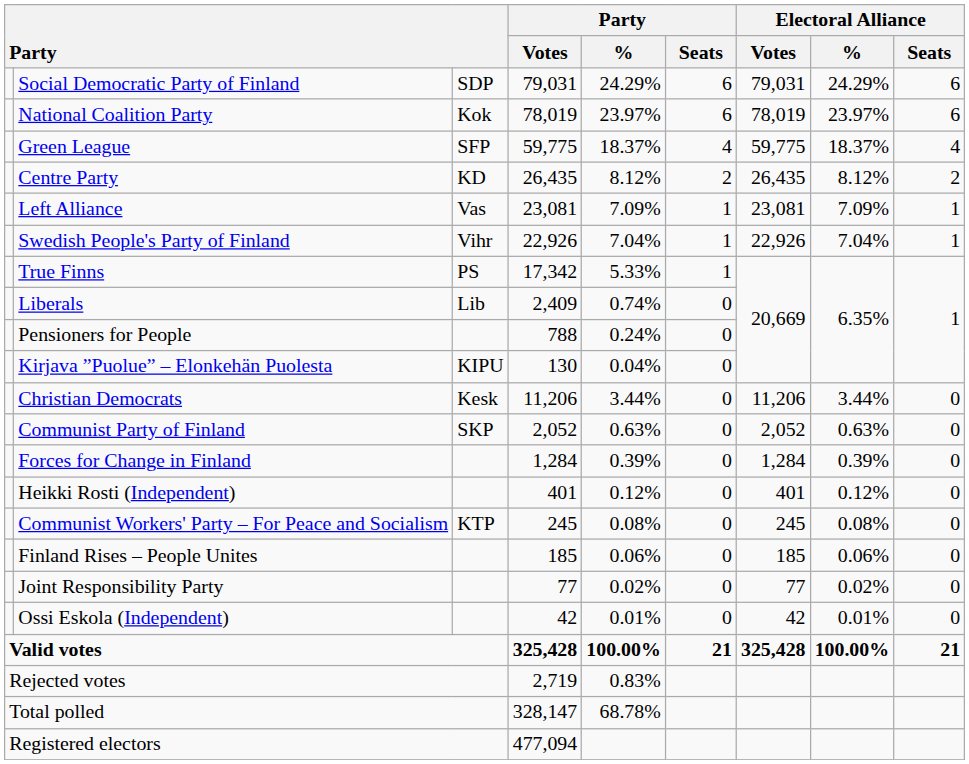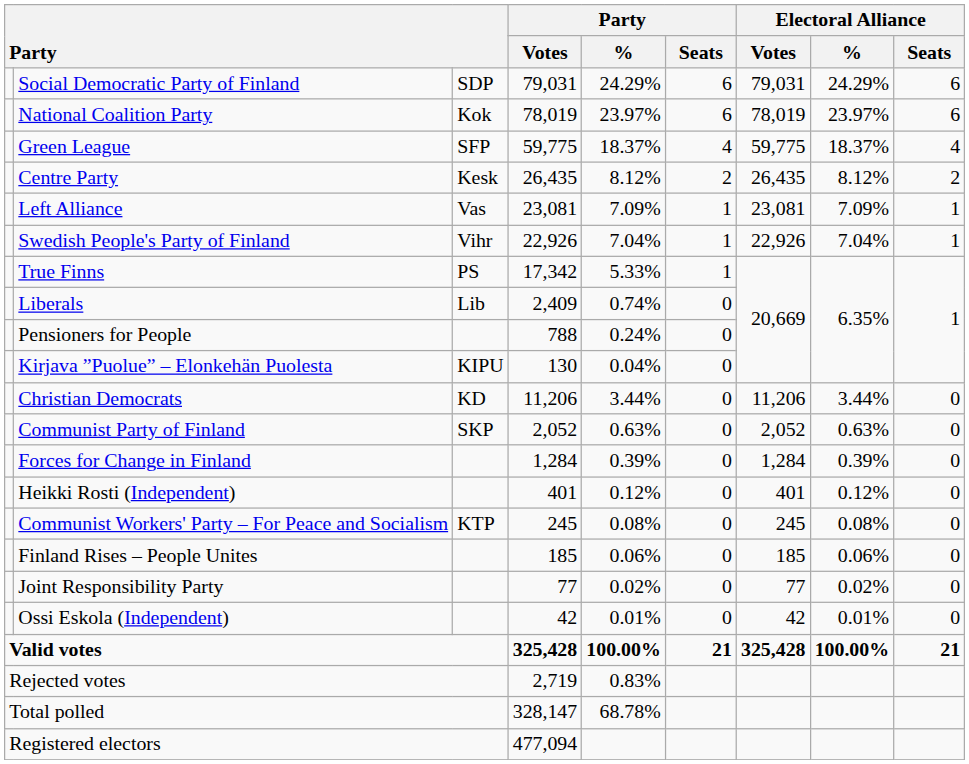 <table class="wikitable" border="1" style="text-align:right;">
 <tr>
 <th style="text-align:left;" valign=bottom rowspan=2 colspan=3>Party</th>
 <th colspan=3>Party</th>
 <th colspan=3>Electoral Alliance</th>
 </tr>
 <tr>
 <th align=center valign=bottom width="50">Votes</th>
 <th align=center valign=bottom width="50">%</th>
 <th align=center valign=bottom width="50">Seats</th>
 <th align=center valign=bottom width="50">Votes</th>
 <th align=center valign=bottom width="50">%</th>
 <th align=center valign=bottom width="50">Seats</th>
 </tr>
 <tr>
 <td></td>
 <td align=left style="white-space: nowrap;"><a href='#'>Social Democratic Party of Finland</a></td>
 <td align=left>SDP</td>
 <td>79,031</td>
 <td>24.29%</td>
 <td>6</td>
 <td>79,031</td>
 <td>24.29%</td>
 <td>6</td>
 </tr>
 <tr>
 <td></td>
 <td align=left><a href='#'>National Coalition Party</a></td>
 <td align=left>Kok</td>
 <td>78,019</td>
 <td>23.97%</td>
 <td>6</td>
 <td>78,019</td>
 <td>23.97%</td>
 <td>6</td>
 </tr>
 <tr>
 <td></td>
 <td align=left><a href='#'>Green League</a></td>
 <td align=left>SFP</td>
 <td>59,775</td>
 <td>18.37%</td>
 <td>4</td>
 <td>59,775</td>
 <td>18.37%</td>
 <td>4</td>
 </tr>
 <tr>
 <td></td>
 <td align=left><a href='#'>Centre Party</a></td>
-<td align=left>KD</td>
+<td align=left>Kesk</td>
 <td>26,435</td>
 <td>8.12%</td>
 <td>2</td>
 <td>26,435</td>
 <td>8.12%</td>
 <td>2</td>
 </tr>
 <tr>
 <td></td>
 <td align=left><a href='#'>Left Alliance</a></td>
 <td align=left>Vas</td>
 <td>23,081</td>
 <td>7.09%</td>
 <td>1</td>
 <td>23,081</td>
 <td>7.09%</td>
 <td>1</td>
 </tr>
 <tr>
 <td></td>
 <td align=left><a href='#'>Swedish People's Party of Finland</a></td>
 <td align=left>Vihr</td>
 <td>22,926</td>
 <td>7.04%</td>
 <td>1</td>
 <td>22,926</td>
 <td>7.04%</td>
 <td>1</td>
 </tr>
 <tr>
 <td></td>
 <td align=left><a href='#'>True Finns</a></td>
 <td align=left>PS</td>
 <td>17,342</td>
 <td>5.33%</td>
 <td>1</td>
 <td rowspan=4>20,669</td>
 <td rowspan=4>6.35%</td>
 <td rowspan=4>1</td>
 </tr>
 <tr>
 <td></td>
 <td align=left><a href='#'>Liberals</a></td>
 <td align=left>Lib</td>
 <td>2,409</td>
 <td>0.74%</td>
 <td>0</td>
 </tr>
 <tr>
 <td></td>
 <td align=left>Pensioners for People</td>
 <td align=left></td>
 <td>788</td>
 <td>0.24%</td>
 <td>0</td>
 </tr>
 <tr>
 <td></td>
 <td align=left><a href='#'>Kirjava ”Puolue” – Elonkehän Puolesta</a></td>
 <td align=left>KIPU</td>
 <td>130</td>
 <td>0.04%</td>
 <td>0</td>
 </tr>
 <tr>
 <td></td>
 <td align=left><a href='#'>Christian Democrats</a></td>
-<td align=left>Kesk</td>
+<td align=left>KD</td>
 <td>11,206</td>
 <td>3.44%</td>
 <td>0</td>
 <td>11,206</td>
 <td>3.44%</td>
 <td>0</td>
 </tr>
 <tr>
 <td></td>
 <td align=left><a href='#'>Communist Party of Finland</a></td>
 <td align=left>SKP</td>
 <td>2,052</td>
 <td>0.63%</td>
 <td>0</td>
 <td>2,052</td>
 <td>0.63%</td>
 <td>0</td>
 </tr>
 <tr>
 <td></td>
 <td align=left><a href='#'>Forces for Change in Finland</a></td>
 <td align=left></td>
 <td>1,284</td>
 <td>0.39%</td>
 <td>0</td>
 <td>1,284</td>
 <td>0.39%</td>
 <td>0</td>
 </tr>
 <tr>
 <td></td>
 <td align=left>Heikki Rosti (<a href='#'>Independent</a>)</td>
 <td align=left></td>
 <td>401</td>
 <td>0.12%</td>
 <td>0</td>
 <td>401</td>
 <td>0.12%</td>
 <td>0</td>
 </tr>
 <tr>
 <td></td>
 <td align=left><a href='#'>Communist Workers' Party – For Peace and Socialism</a></td>
 <td align=left>KTP</td>
 <td>245</td>
 <td>0.08%</td>
 <td>0</td>
 <td>245</td>
 <td>0.08%</td>
 <td>0</td>
 </tr>
 <tr>
 <td></td>
 <td align=left>Finland Rises – People Unites</td>
 <td align=left></td>
 <td>185</td>
 <td>0.06%</td>
 <td>0</td>
 <td>185</td>
 <td>0.06%</td>
 <td>0</td>
 </tr>
 <tr>
 <td></td>
 <td align=left>Joint Responsibility Party</td>
 <td align=left></td>
 <td>77</td>
 <td>0.02%</td>
 <td>0</td>
 <td>77</td>
 <td>0.02%</td>
 <td>0</td>
 </tr>
 <tr>
 <td></td>
 <td align=left>Ossi Eskola (<a href='#'>Independent</a>)</td>
 <td align=left></td>
 <td>42</td>
 <td>0.01%</td>
 <td>0</td>
 <td>42</td>
 <td>0.01%</td>
 <td>0</td>
 </tr>
 <tr style="font-weight:bold">
 <td align=left colspan=3>Valid votes</td>
 <td>325,428</td>
 <td>100.00%</td>
 <td>21</td>
 <td>325,428</td>
 <td>100.00%</td>
 <td>21</td>
 </tr>
 <tr>
 <td align=left colspan=3>Rejected votes</td>
 <td>2,719</td>
 <td>0.83%</td>
 <td></td>
 <td></td>
 <td></td>
 <td></td>
 </tr>
 <tr>
 <td align=left colspan=3>Total polled</td>
 <td>328,147</td>
 <td>68.78%</td>
 <td></td>
 <td></td>
 <td></td>
 <td></td>
 </tr>
 <tr>
 <td align=left colspan=3>Registered electors</td>
 <td>477,094</td>
 <td></td>
 <td></td>
 <td></td>
 <td></td>
 <td></td>
 </tr>
 </table>
